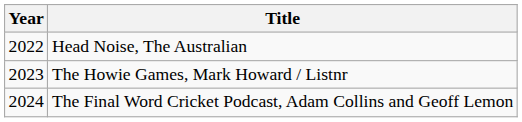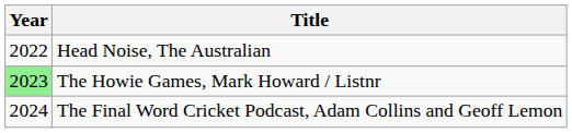 <table class="wikitable">
 <tr>
 <th>Year</th>
 <th>Title</th>
 </tr>
 <tr>
 <td>2022</td>
 <td>Head Noise, The Australian</td>
 </tr>
 <tr>
-<td>2023</td>
+<td style="background: lightgreen;">2023</td>
 <td>The Howie Games, Mark Howard / Listnr</td>
 </tr>
 <tr>
 <td>2024</td>
 <td>The Final Word Cricket Podcast, Adam Collins and Geoff Lemon</td>
 </tr>
 </table>
